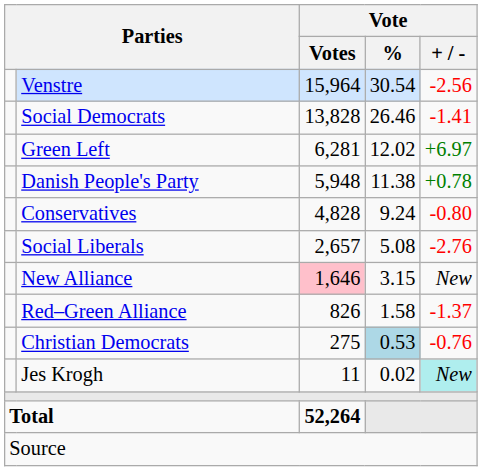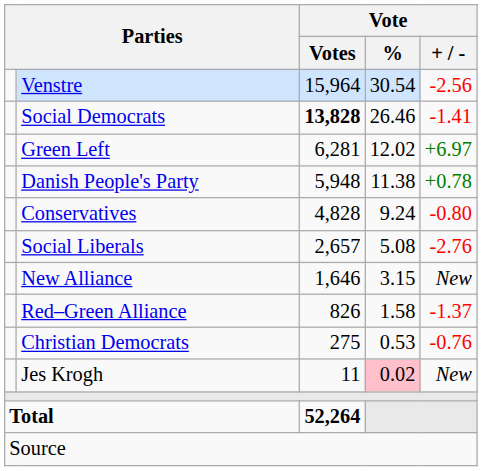 <table class="wikitable" style="text-align:right;">
 <tr>
 <th style="text-align:centre;" rowspan="2" colspan="2" width="225">Parties</th>
 <th colspan="3">Vote</th>
 </tr>
 <tr>
 <th width="15">Votes</th>
 <th width="15">%</th>
 <th width="15">+ / -</th>
 </tr>
 <tr>
 <td width="2" style="color:inherit;background:"></td>
 <td bgcolor=#cfe5fe  align="left"><a href='#'>Venstre</a></td>
 <td bgcolor=#cfe5fe>15,964</td>
 <td bgcolor=#cfe5fe>30.54</td>
 <td style=color:red;>-2.56</td>
 </tr>
 <tr>
 <td width="2" style="color:inherit;background:"></td>
 <td align="left"><a href='#'>Social Democrats</a></td>
-<td>13,828</td>
+<td><strong>13,828</strong></td>
 <td>26.46</td>
 <td style=color:red;>-1.41</td>
 </tr>
 <tr>
 <td width="2" style="color:inherit;background:"></td>
 <td align="left"><a href='#'>Green Left</a></td>
 <td>6,281</td>
 <td>12.02</td>
 <td style=color:green;>+6.97</td>
 </tr>
 <tr>
 <td width="2" style="color:inherit;background:"></td>
 <td align="left"><a href='#'>Danish People's Party</a></td>
 <td>5,948</td>
 <td>11.38</td>
 <td style=color:green;>+0.78</td>
 </tr>
 <tr>
 <td width="2" style="color:inherit;background:"></td>
 <td align="left"><a href='#'>Conservatives</a></td>
 <td>4,828</td>
 <td>9.24</td>
 <td style=color:red;>-0.80</td>
 </tr>
 <tr>
 <td width="2" style="color:inherit;background:"></td>
 <td align="left"><a href='#'>Social Liberals</a></td>
 <td>2,657</td>
 <td>5.08</td>
 <td style=color:red;>-2.76</td>
 </tr>
 <tr>
 <td width="2" style="color:inherit;background:"></td>
 <td align="left"><a href='#'>New Alliance</a></td>
-<td style="background: pink;">1,646</td>
+<td>1,646</td>
 <td>3.15</td>
 <td><em>New</em></td>
 </tr>
 <tr>
 <td width="2" style="color:inherit;background:"></td>
 <td align="left"><a href='#'>Red–Green Alliance</a></td>
 <td>826</td>
 <td>1.58</td>
 <td style=color:red;>-1.37</td>
 </tr>
 <tr>
 <td width="2" style="color:inherit;background:"></td>
 <td align="left"><a href='#'>Christian Democrats</a></td>
 <td>275</td>
-<td style="background: lightblue;">0.53</td>
+<td>0.53</td>
 <td style=color:red;>-0.76</td>
 </tr>
 <tr>
 <td width="2" style="color:inherit;background:"></td>
 <td align="left">Jes Krogh</td>
 <td>11</td>
-<td>0.02</td>
-<td style="background: paleturquoise;"><em>New</em></td>
+<td style="background: pink;">0.02</td>
+<td><em>New</em></td>
 </tr>
 <tr>
 <td colspan="7" bgcolor="#E9E9E9"></td>
 </tr>
 <tr>
 <td align="left" colspan="2"><strong>Total</strong></td>
 <td><strong>52,264</strong></td>
 <td bgcolor="#E9E9E9" colspan="2"></td>
 </tr>
 <tr>
 <td align="left" colspan="6">Source</td>
 </tr>
 </table>
